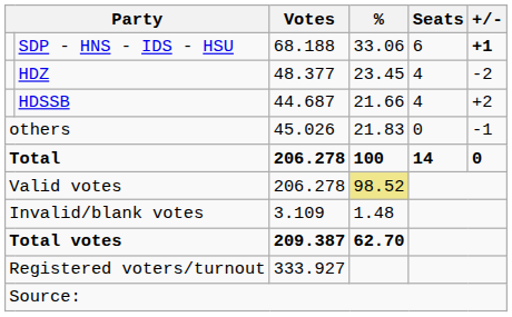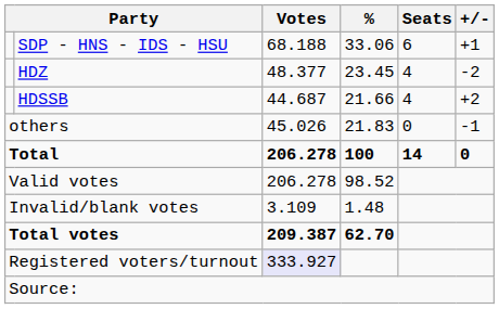 <table class="wikitable" style="text-align: left;">
 <tr>
 <th colspan="2">Party</th>
 <th>Votes</th>
 <th>%</th>
 <th>Seats</th>
 <th>+/-</th>
 </tr>
 <tr>
 <td style="background-color: "></td>
 <td><a href='#'>SDP</a> - <a href='#'>HNS</a> - <a href='#'>IDS</a> - <a href='#'>HSU</a></td>
 <td>68.188</td>
 <td>33.06</td>
 <td>6</td>
-<td><strong>+1</strong></td>
+<td>+1</td>
 </tr>
 <tr>
 <td style="background-color: "></td>
 <td><a href='#'>HDZ</a></td>
 <td>48.377</td>
 <td>23.45</td>
 <td>4</td>
 <td>-2</td>
 </tr>
 <tr>
 <td style="background-color: "></td>
 <td><a href='#'>HDSSB</a></td>
 <td>44.687</td>
 <td>21.66</td>
 <td>4</td>
 <td>+2</td>
 </tr>
 <tr>
 <td colspan="2">others</td>
 <td>45.026</td>
 <td>21.83</td>
 <td>0</td>
 <td>-1</td>
 </tr>
 <tr>
 <td colspan="2"><strong>Total</strong></td>
 <td><strong>206.278</strong></td>
 <td><strong>100</strong></td>
 <td><strong>14</strong></td>
 <td><strong>0</strong></td>
 </tr>
 <tr>
 <td colspan="2">Valid votes</td>
 <td>206.278</td>
-<td style="background: khaki;">98.52</td>
+<td>98.52</td>
 <td colspan="2"></td>
 </tr>
 <tr>
 <td colspan="2">Invalid/blank votes</td>
 <td>3.109</td>
 <td>1.48</td>
 <td colspan="2"></td>
 </tr>
 <tr>
 <td colspan="2"><strong>Total votes</strong></td>
 <td><strong>209.387</strong></td>
 <td><strong>62.70</strong></td>
 <td colspan="2"></td>
 </tr>
 <tr>
 <td colspan="2">Registered voters/turnout</td>
-<td votes14="5343">333.927</td>
+<td votes14="5343" style="background: lavender;">333.927</td>
 <td></td>
 <td colspan="2"></td>
 </tr>
 <tr>
 <td colspan="6">Source: </td>
 </tr>
 </table>
